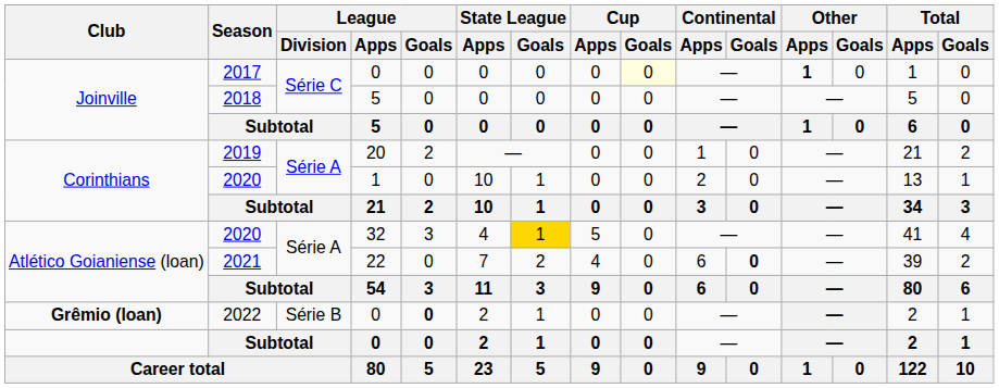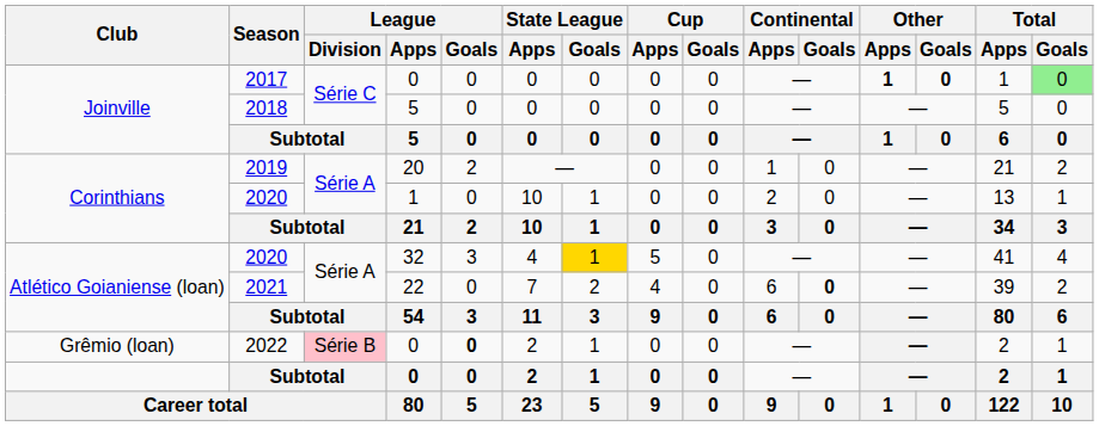 <table class="wikitable" style="text-align: center;">
 <tr>
 <th rowspan="2">Club</th>
 <th rowspan="2">Season</th>
 <th colspan="3">League</th>
 <th colspan="2">State League</th>
 <th colspan="2">Cup</th>
 <th colspan="2">Continental</th>
 <th colspan="2">Other</th>
 <th colspan="2">Total</th>
 </tr>
 <tr>
 <th>Division</th>
 <th>Apps</th>
 <th>Goals</th>
 <th>Apps</th>
 <th>Goals</th>
 <th>Apps</th>
 <th>Goals</th>
 <th>Apps</th>
 <th>Goals</th>
 <th>Apps</th>
 <th>Goals</th>
 <th>Apps</th>
 <th>Goals</th>
 </tr>
 <tr>
 <td rowspan=3 valign="center"><a href='#'>Joinville</a></td>
 <td><a href='#'>2017</a></td>
 <td rowspan=2><a href='#'>Série C</a></td>
 <td>0</td>
 <td>0</td>
 <td>0</td>
 <td>0</td>
 <td>0</td>
-<td style="background: lightyellow;">0</td>
+<td>0</td>
 <td colspan="2">—</td>
 <td><strong>1</strong></td>
-<td>0</td>
+<td><strong>0</strong></td>
 <td>1</td>
-<td>0</td>
+<td style="background: lightgreen;">0</td>
 </tr>
 <tr>
 <td><a href='#'>2018</a></td>
 <td>5</td>
 <td>0</td>
 <td>0</td>
 <td>0</td>
 <td>0</td>
 <td>0</td>
 <td colspan="2">—</td>
 <td colspan="2">—</td>
 <td>5</td>
 <td>0</td>
 </tr>
 <tr>
 <th colspan="2">Subtotal</th>
 <th>5</th>
 <th>0</th>
 <th>0</th>
 <th>0</th>
 <th>0</th>
 <th>0</th>
 <th colspan="2">—</th>
 <th>1</th>
 <th>0</th>
 <th>6</th>
 <th>0</th>
 </tr>
 <tr>
 <td rowspan="3" valign="center"><a href='#'>Corinthians</a></td>
 <td><a href='#'>2019</a></td>
 <td rowspan="2"><a href='#'>Série A</a></td>
 <td>20</td>
 <td>2</td>
 <td colspan="2">—</td>
 <td>0</td>
 <td>0</td>
 <td>1</td>
 <td>0</td>
 <td colspan="2">—</td>
 <td>21</td>
 <td>2</td>
 </tr>
 <tr>
 <td><a href='#'>2020</a></td>
 <td>1</td>
 <td>0</td>
 <td>10</td>
 <td>1</td>
 <td>0</td>
 <td>0</td>
 <td>2</td>
 <td>0</td>
 <td colspan="2">—</td>
 <td>13</td>
 <td>1</td>
 </tr>
 <tr>
 <th colspan="2">Subtotal</th>
 <th>21</th>
 <th>2</th>
 <th>10</th>
 <th>1</th>
 <th>0</th>
 <th>0</th>
 <th>3</th>
 <th>0</th>
 <th colspan="2">—</th>
 <th>34</th>
 <th>3</th>
 </tr>
 <tr>
 <td rowspan="3" valign="center"><a href='#'>Atlético Goianiense</a> (loan)</td>
 <td><a href='#'>2020</a></td>
 <td rowspan="2">Série A</td>
 <td>32</td>
 <td>3</td>
 <td>4</td>
 <td style="background: gold;">1</td>
 <td>5</td>
 <td>0</td>
 <td colspan="2">—</td>
 <td colspan="2">—</td>
 <td>41</td>
 <td>4</td>
 </tr>
 <tr>
 <td><a href='#'>2021</a></td>
 <td>22</td>
 <td>0</td>
 <td>7</td>
 <td>2</td>
 <td>4</td>
 <td>0</td>
 <td>6</td>
 <td><strong>0</strong></td>
 <td colspan="2">—</td>
 <td>39</td>
 <td>2</td>
 </tr>
 <tr>
 <th colspan="2">Subtotal</th>
 <th>54</th>
 <th>3</th>
 <th>11</th>
 <th>3</th>
 <th>9</th>
 <th>0</th>
 <th>6</th>
 <th>0</th>
 <th colspan="2">—</th>
 <th>80</th>
 <th>6</th>
 </tr>
 <tr>
-<td><strong>Grêmio (loan)</strong></td>
+<td>Grêmio (loan)</td>
 <td>2022</td>
-<td>Série B</td>
+<td style="background: pink;">Série B</td>
 <td>0</td>
 <td><strong>0</strong></td>
 <td>2</td>
 <td>1</td>
 <td>0</td>
 <td>0</td>
 <td colspan="2">—</td>
 <th colspan="2">—</th>
 <td>2</td>
 <td>1</td>
 </tr>
 <tr>
 <td></td>
 <th colspan="2">Subtotal</th>
 <th>0</th>
 <th>0</th>
 <th>2</th>
 <th>1</th>
 <th>0</th>
 <th>0</th>
 <td colspan="2">—</td>
 <th colspan="2">—</th>
 <th>2</th>
 <th>1</th>
 </tr>
 <tr>
 <th colspan="3"><strong>Career total</strong></th>
 <th>80</th>
 <th>5</th>
 <th>23</th>
 <th>5</th>
 <th>9</th>
 <th>0</th>
 <th>9</th>
 <th>0</th>
 <th>1</th>
 <th>0</th>
 <th>122</th>
 <th>10</th>
 </tr>
 </table>
